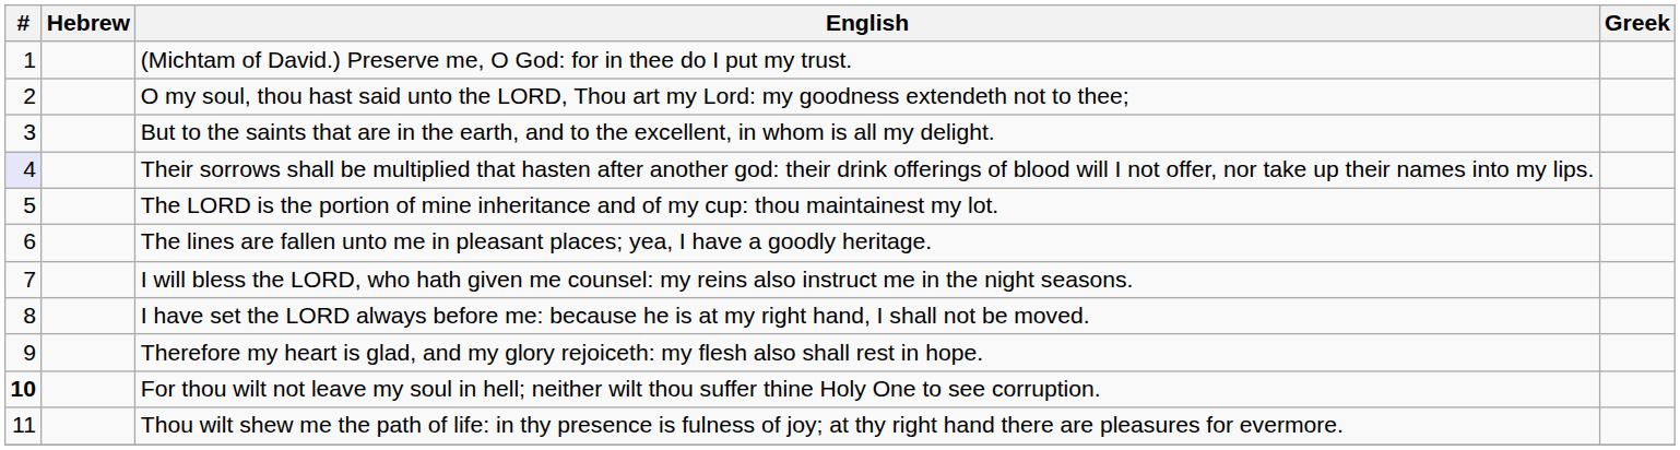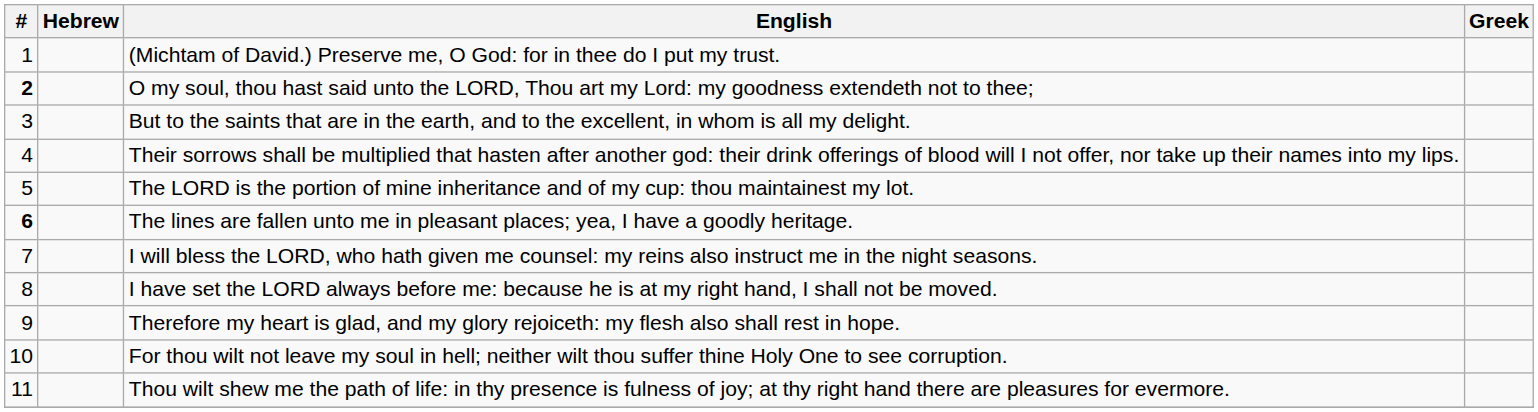 <table class=wikitable>
 <tr>
 <th>#</th>
 <th>Hebrew</th>
 <th>English</th>
 <th>Greek</th>
 </tr>
 <tr>
 <td style="text-align:right">1</td>
 <td style="text-align:right"></td>
 <td>(Michtam of David.) Preserve me, O God: for in thee do I put my trust.</td>
 <td></td>
 </tr>
 <tr>
-<td style="text-align:right">2</td>
+<td style="text-align:right"><strong>2</strong></td>
 <td style="text-align:right"></td>
 <td>O my soul, thou hast said unto the LORD, Thou art my Lord: my goodness extendeth not to thee;</td>
 <td></td>
 </tr>
 <tr>
 <td style="text-align:right">3</td>
 <td style="text-align:right"></td>
 <td>But to the saints that are in the earth, and to the excellent, in whom is all my delight.</td>
 <td></td>
 </tr>
 <tr>
-<td style="background: lavender; text-align:right">4</td>
+<td style="text-align:right">4</td>
 <td style="text-align:right"></td>
 <td>Their sorrows shall be multiplied that hasten after another god: their drink offerings of blood will I not offer, nor take up their names into my lips.</td>
 <td></td>
 </tr>
 <tr>
 <td style="text-align:right">5</td>
 <td style="text-align:right"></td>
 <td>The LORD is the portion of mine inheritance and of my cup: thou maintainest my lot.</td>
 <td></td>
 </tr>
 <tr>
-<td style="text-align:right">6</td>
+<td style="text-align:right"><strong>6</strong></td>
 <td style="text-align:right"></td>
 <td>The lines are fallen unto me in pleasant places; yea, I have a goodly heritage.</td>
 <td></td>
 </tr>
 <tr>
 <td style="text-align:right">7</td>
 <td style="text-align:right"></td>
 <td>I will bless the LORD, who hath given me counsel: my reins also instruct me in the night seasons.</td>
 <td></td>
 </tr>
 <tr>
 <td style="text-align:right">8</td>
 <td style="text-align:right"></td>
 <td>I have set the LORD always before me: because he is at my right hand, I shall not be moved.</td>
 <td></td>
 </tr>
 <tr>
 <td style="text-align:right">9</td>
 <td style="text-align:right"></td>
 <td>Therefore my heart is glad, and my glory rejoiceth: my flesh also shall rest in hope.</td>
 <td></td>
 </tr>
 <tr>
-<td style="text-align:right"><strong>10</strong></td>
+<td style="text-align:right">10</td>
 <td style="text-align:right"></td>
 <td>For thou wilt not leave my soul in hell; neither wilt thou suffer thine Holy One to see corruption.</td>
 <td></td>
 </tr>
 <tr>
 <td style="text-align:right">11</td>
 <td style="text-align:right"></td>
 <td>Thou wilt shew me the path of life: in thy presence is fulness of joy; at thy right hand there are pleasures for evermore.</td>
 <td></td>
 </tr>
 <tr>
 </tr>
 </table>
